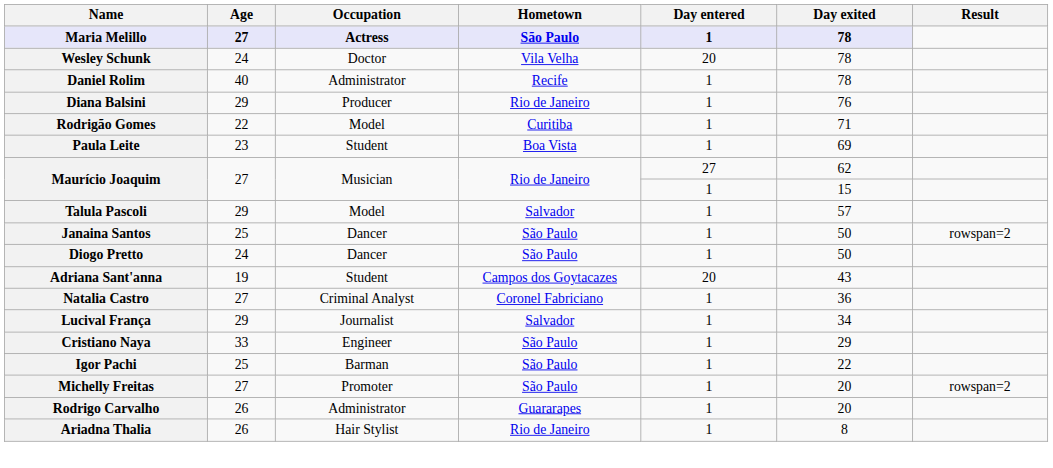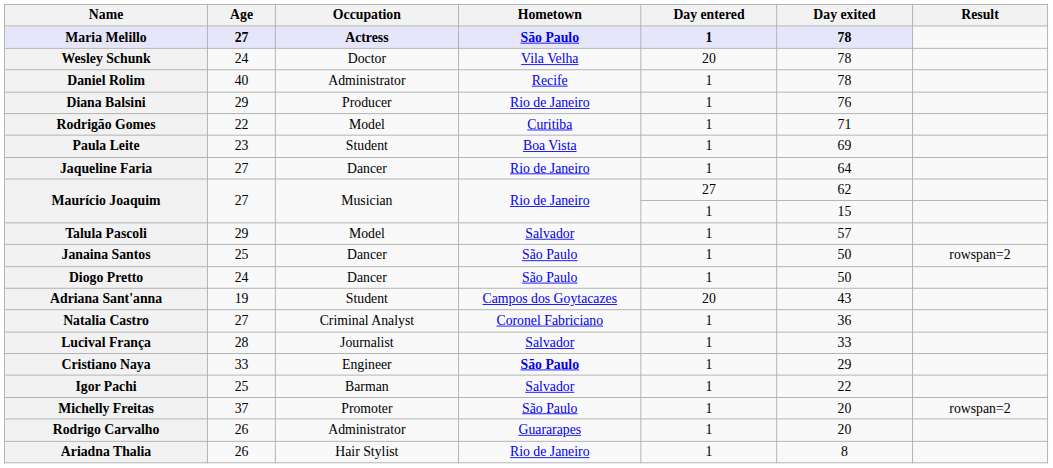 <table class="wikitable sortable" style="text-align:center;">
 <tr>
 <th scope="col" width="15.0%">Name</th>
 <th scope="col" width="05.0%">Age</th>
 <th scope="col" width="13.5%">Occupation</th>
 <th scope="col" width="13.5%">Hometown</th>
 <th scope="col" width="10.0%">Day entered</th>
 <th scope="col" width="10.0%">Day exited</th>
 <th scope="col" width="10.0%">Result</th>
 </tr>
 <tr>
 <td bgcolor="E6E6FA"><strong>Maria Melillo</strong></td>
 <td bgcolor="E6E6FA"><strong>27</strong></td>
 <td bgcolor="E6E6FA"><strong>Actress</strong></td>
 <td bgcolor="E6E6FA"><strong><a href='#'>São Paulo</a></strong></td>
 <td bgcolor="E6E6FA"><strong>1</strong></td>
 <td bgcolor="E6E6FA"><strong>78</strong></td>
 <td></td>
 </tr>
 <tr>
 <th>Wesley Schunk</th>
 <td>24</td>
 <td>Doctor</td>
 <td><a href='#'>Vila Velha</a></td>
 <td>20</td>
 <td>78</td>
 <td></td>
 </tr>
 <tr>
 <th>Daniel Rolim</th>
 <td>40</td>
 <td>Administrator</td>
 <td><a href='#'>Recife</a></td>
 <td>1</td>
 <td>78</td>
 <td></td>
 </tr>
 <tr>
 <th>Diana Balsini</th>
 <td>29</td>
 <td>Producer</td>
 <td><a href='#'>Rio de Janeiro</a></td>
 <td>1</td>
 <td>76</td>
 <td></td>
 </tr>
 <tr>
 <th>Rodrigão Gomes</th>
 <td>22</td>
 <td>Model</td>
 <td><a href='#'>Curitiba</a></td>
 <td>1</td>
 <td>71</td>
 <td></td>
 </tr>
 <tr>
 <th>Paula Leite</th>
 <td>23</td>
 <td>Student</td>
 <td><a href='#'>Boa Vista</a></td>
 <td>1</td>
 <td>69</td>
 <td></td>
 </tr>
 <tr>
+<th>Jaqueline Faria</th>
+<td>27</td>
+<td>Dancer</td>
+<td><a href='#'>Rio de Janeiro</a></td>
+<td>1</td>
+<td>64</td>
+<td></td>
+</tr>
+<tr>
 <th rowspan=2>Maurício Joaquim</th>
 <td rowspan=2>27</td>
 <td rowspan=2>Musician</td>
 <td rowspan=2><a href='#'>Rio de Janeiro</a></td>
 <td>27</td>
 <td>62</td>
 <td></td>
 </tr>
 <tr>
 <td>1</td>
 <td>15</td>
 <td></td>
 </tr>
 <tr>
 <th>Talula Pascoli</th>
 <td>29</td>
 <td>Model</td>
 <td><a href='#'>Salvador</a></td>
 <td>1</td>
 <td>57</td>
 <td></td>
 </tr>
 <tr>
 <th>Janaina Santos</th>
 <td>25</td>
 <td>Dancer</td>
 <td><a href='#'>São Paulo</a></td>
 <td>1</td>
 <td>50</td>
 <td>rowspan=2 </td>
 </tr>
 <tr>
 <th>Diogo Pretto</th>
 <td>24</td>
 <td>Dancer</td>
 <td><a href='#'>São Paulo</a></td>
 <td>1</td>
 <td>50</td>
 </tr>
 <tr>
 <th>Adriana Sant'anna</th>
 <td>19</td>
 <td>Student</td>
 <td><a href='#'>Campos dos Goytacazes</a></td>
 <td>20</td>
 <td>43</td>
 <td></td>
 </tr>
 <tr>
 <th>Natalia Castro</th>
 <td>27</td>
 <td>Criminal Analyst</td>
 <td><a href='#'>Coronel Fabriciano</a></td>
 <td>1</td>
 <td>36</td>
 <td></td>
 </tr>
 <tr>
 <th>Lucival França</th>
-<td>29</td>
+<td>28</td>
 <td>Journalist</td>
 <td><a href='#'>Salvador</a></td>
 <td>1</td>
-<td>34</td>
+<td>33</td>
 <td></td>
 </tr>
 <tr>
 <th>Cristiano Naya</th>
 <td>33</td>
 <td>Engineer</td>
-<td><a href='#'>São Paulo</a></td>
+<td><strong><a href='#'>São Paulo</a></strong></td>
 <td>1</td>
 <td>29</td>
 <td></td>
 </tr>
 <tr>
 <th>Igor Pachi</th>
 <td>25</td>
 <td>Barman</td>
-<td><a href='#'>São Paulo</a></td>
+<td><a href='#'>Salvador</a></td>
 <td>1</td>
 <td>22</td>
 <td></td>
 </tr>
 <tr>
 <th>Michelly Freitas</th>
-<td>27</td>
+<td>37</td>
 <td>Promoter</td>
 <td><a href='#'>São Paulo</a></td>
 <td>1</td>
 <td>20</td>
 <td>rowspan=2 </td>
 </tr>
 <tr>
 <th>Rodrigo Carvalho</th>
 <td>26</td>
 <td>Administrator</td>
 <td><a href='#'> Guararapes</a></td>
 <td>1</td>
 <td>20</td>
 </tr>
 <tr>
 <th>Ariadna Thalia</th>
 <td>26</td>
 <td>Hair Stylist</td>
 <td><a href='#'>Rio de Janeiro</a></td>
 <td>1</td>
 <td>8</td>
 <td></td>
 </tr>
 </table>
